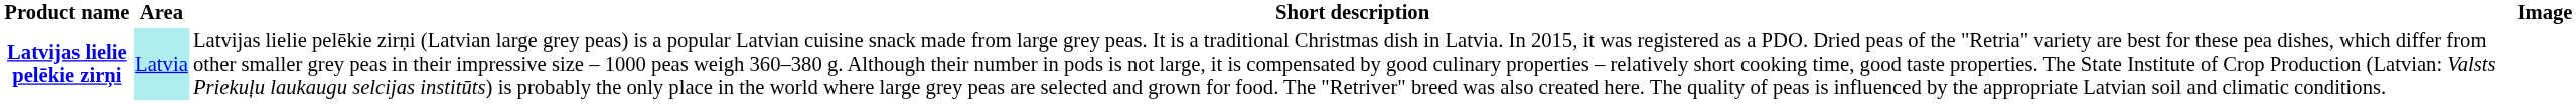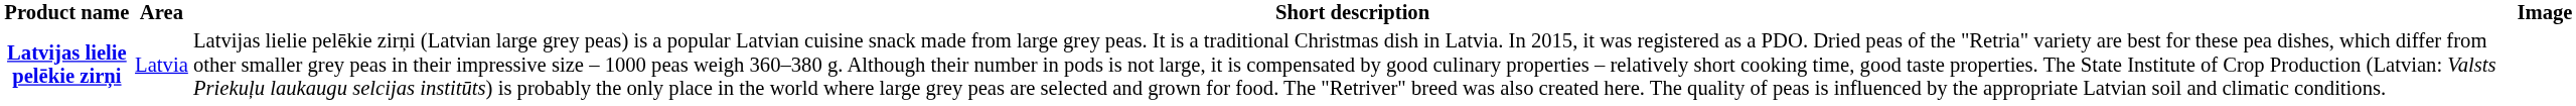 <table>
 <tr>
 <th>Product name</th>
 <th>Area</th>
 <th>Short description</th>
 <th>Image</th>
 </tr>
 <tr>
 <th><a href='#'>Latvijas lielie pelēkie zirņi</a></th>
-<td style="background: paleturquoise;"><a href='#'>Latvia</a></td>
+<td><a href='#'>Latvia</a></td>
 <td>Latvijas lielie pelēkie zirņi (Latvian large grey peas) is a popular Latvian cuisine snack made from large grey peas. It is a traditional Christmas dish in Latvia. In 2015, it was registered as a PDO. Dried peas of the "Retria" variety are best for these pea dishes, which differ from other smaller grey peas in their impressive size – 1000 peas weigh 360–380 g. Although their number in pods is not large, it is compensated by good culinary properties – relatively short cooking time, good taste properties. The State Institute of Crop Production (Latvian: <em>Valsts Priekuļu laukaugu selcijas institūts</em>) is probably the only place in the world where large grey peas are selected and grown for food. The "Retriver" breed was also created here. The quality of peas is influenced by the appropriate Latvian soil and climatic conditions.</td>
 <td></td>
 </tr>
 <tr>
 </tr>
 </table>
